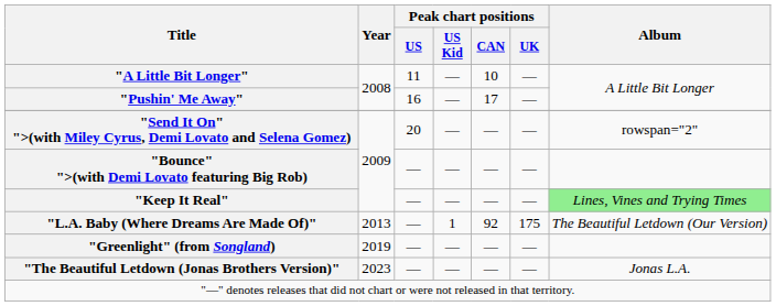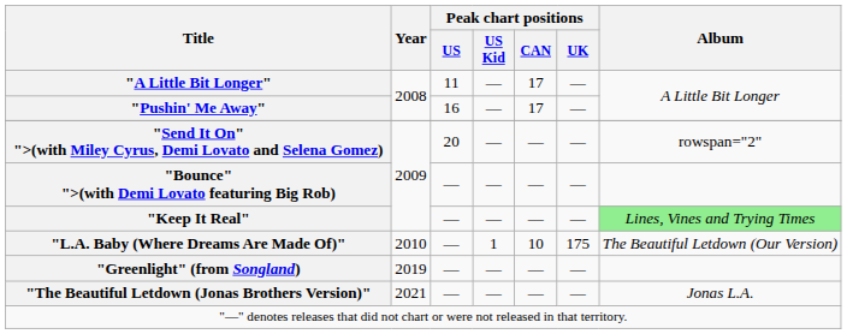 <table class="wikitable plainrowheaders" style="text-align:center;">
 <tr>
 <th scope="col" rowspan="2" style="width:24em;">Title</th>
 <th scope="col" rowspan="2">Year</th>
 <th scope="col" colspan="4">Peak chart positions</th>
 <th scope="col" rowspan="2">Album</th>
 </tr>
 <tr>
 <th scope="col" style="width:2.5em;font-size:90%;"><a href='#'>US</a><br></th>
 <th scope="col" style="width:2.5em;font-size:90%;"><a href='#'>US<br>Kid</a><br></th>
 <th scope="col" style="width:2.5em;font-size:90%;"><a href='#'>CAN</a><br></th>
 <th scope="col" style="width:2.5em;font-size:90%;"><a href='#'>UK</a><br></th>
 </tr>
 <tr>
 <th scope="row">"<a href='#'>A Little Bit Longer</a>"</th>
 <td rowspan="2">2008</td>
 <td>11</td>
 <td>—</td>
-<td>10</td>
+<td>17</td>
 <td>—</td>
 <td rowspan="2"><em>A Little Bit Longer</em></td>
 </tr>
 <tr>
 <th scope="row">"<a href='#'>Pushin' Me Away</a>"</th>
 <td>16</td>
 <td>—</td>
 <td>17</td>
 <td>—</td>
 </tr>
 <tr>
 </tr>
 <tr>
 <th scope="row">"<a href='#'>Send It On</a>"<br><span>">(with <a href='#'>Miley Cyrus</a>, <a href='#'>Demi Lovato</a> and <a href='#'>Selena Gomez</a>)</span></th>
 <td rowspan="3">2009</td>
 <td>20</td>
 <td>—</td>
 <td>—</td>
 <td>—</td>
 <td>rowspan="2" </td>
 </tr>
 <tr>
 <th scope="row">"Bounce"<br><span>">(with <a href='#'>Demi Lovato</a> featuring Big Rob)</span></th>
 <td>—</td>
 <td>—</td>
 <td>—</td>
 <td>—</td>
 </tr>
 <tr>
 <th scope="row">"Keep It Real"</th>
 <td>—</td>
 <td>—</td>
 <td>—</td>
 <td>—</td>
 <td style="background: lightgreen;"><em>Lines, Vines and Trying Times</em></td>
 </tr>
 <tr>
 <th scope="row">"L.A. Baby (Where Dreams Are Made Of)"</th>
-<td>2013</td>
+<td>2010</td>
 <td>—</td>
 <td>1</td>
-<td>92</td>
+<td>10</td>
 <td>175</td>
 <td><em>The Beautiful Letdown (Our Version)</em></td>
 </tr>
 <tr>
 <th scope="row">"Greenlight" (from <em><a href='#'>Songland</a></em>)</th>
 <td>2019</td>
 <td>—</td>
 <td>—</td>
 <td>—</td>
 <td>—</td>
 <td></td>
 </tr>
 <tr>
 <th scope="row">"The Beautiful Letdown (Jonas Brothers Version)"<br></th>
-<td>2023</td>
+<td>2021</td>
 <td>—</td>
 <td>—</td>
 <td>—</td>
 <td>—</td>
 <td><em>Jonas L.A.</em></td>
 </tr>
 <tr>
 <td align="center" colspan="9" style="font-size:85%">"—" denotes releases that did not chart or were not released in that territory.</td>
 </tr>
 </table>
